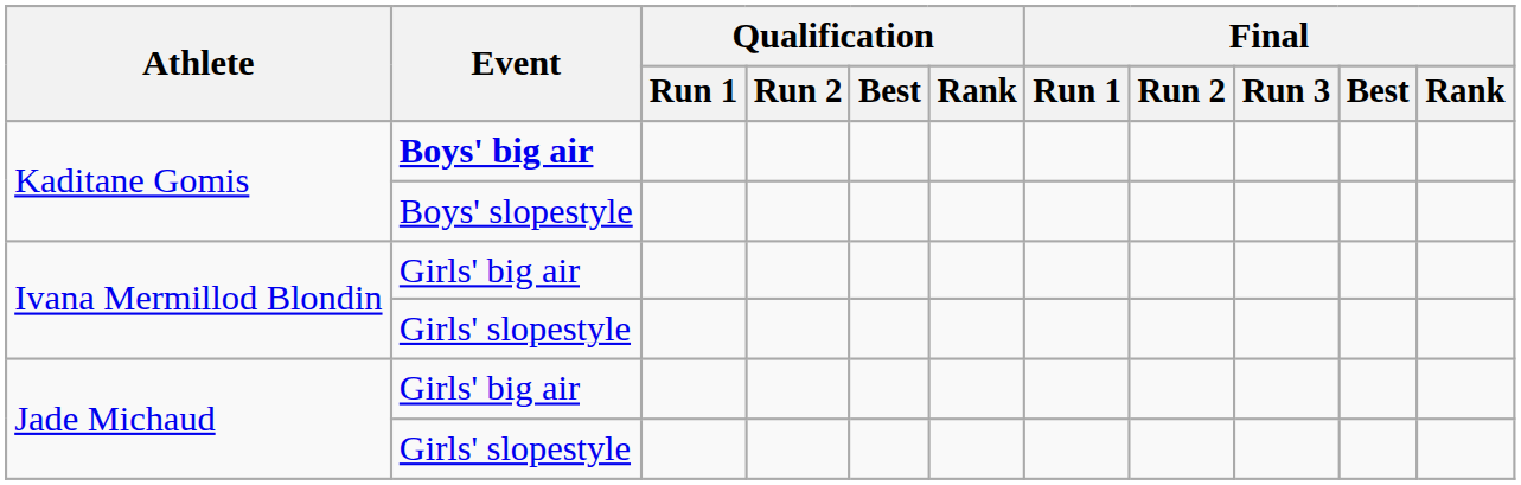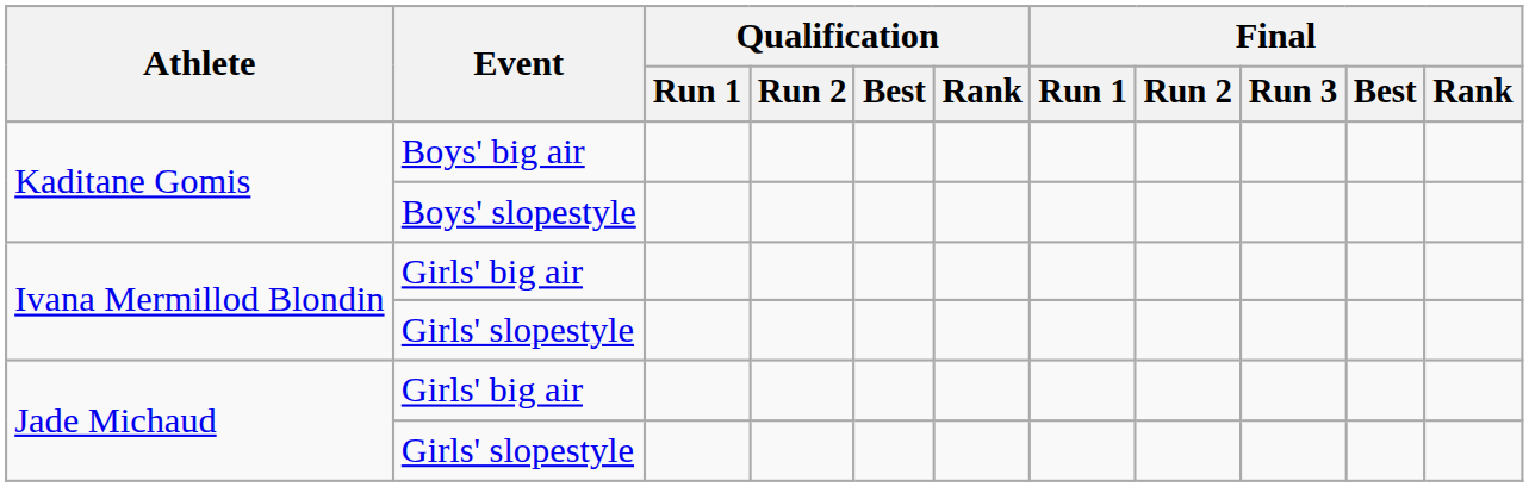 <table class="wikitable" style="font-size:90%">
 <tr>
 <th rowspan=2>Athlete</th>
 <th rowspan=2>Event</th>
 <th colspan=4>Qualification</th>
 <th colspan=5>Final</th>
 </tr>
 <tr style="font-size:95%">
 <th>Run 1</th>
 <th>Run 2</th>
 <th>Best</th>
 <th>Rank</th>
 <th>Run 1</th>
 <th>Run 2</th>
 <th>Run 3</th>
 <th>Best</th>
 <th>Rank</th>
 </tr>
 <tr align=center>
 <td align=left rowspan=2><a href='#'>Kaditane Gomis</a></td>
-<td align=left><strong><a href='#'>Boys' big air</a></strong></td>
+<td align=left><a href='#'>Boys' big air</a></td>
 <td></td>
 <td></td>
 <td></td>
 <td></td>
 <td></td>
 <td></td>
 <td></td>
 <td></td>
 <td></td>
 </tr>
 <tr>
 <td align=left><a href='#'>Boys' slopestyle</a></td>
 <td></td>
 <td></td>
 <td></td>
 <td></td>
 <td></td>
 <td></td>
 <td></td>
 <td></td>
 <td></td>
 </tr>
 <tr align=center>
 <td align=left rowspan=2><a href='#'>Ivana Mermillod Blondin</a></td>
 <td align=left><a href='#'>Girls' big air</a></td>
 <td></td>
 <td></td>
 <td></td>
 <td></td>
 <td></td>
 <td></td>
 <td></td>
 <td></td>
 <td></td>
 </tr>
 <tr>
 <td align=left><a href='#'>Girls' slopestyle</a></td>
 <td></td>
 <td></td>
 <td></td>
 <td></td>
 <td></td>
 <td></td>
 <td></td>
 <td></td>
 <td></td>
 </tr>
 <tr align=center>
 <td align=left rowspan=2><a href='#'>Jade Michaud</a></td>
 <td align=left><a href='#'>Girls' big air</a></td>
 <td></td>
 <td></td>
 <td></td>
 <td></td>
 <td></td>
 <td></td>
 <td></td>
 <td></td>
 <td></td>
 </tr>
 <tr>
 <td align=left><a href='#'>Girls' slopestyle</a></td>
 <td></td>
 <td></td>
 <td></td>
 <td></td>
 <td></td>
 <td></td>
 <td></td>
 <td></td>
 <td></td>
 </tr>
 </table>
